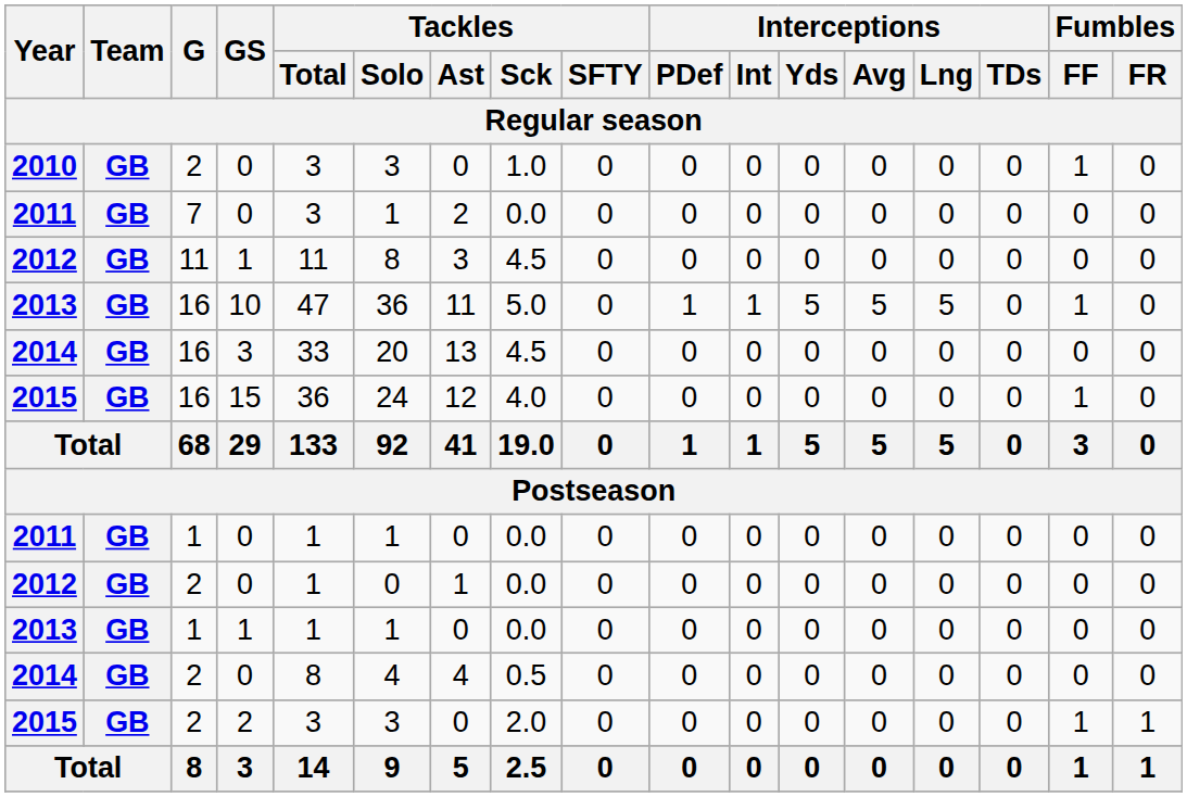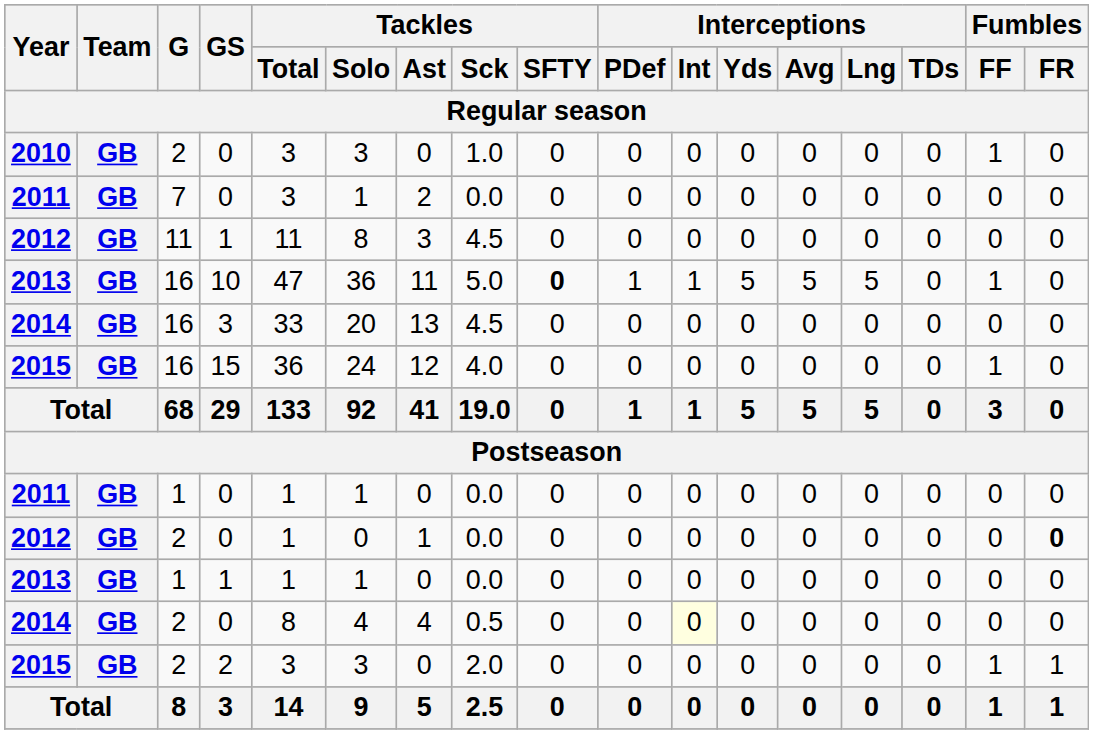 <table class="wikitable" style="text-align: center;">
 <tr>
 <th rowspan=2>Year</th>
 <th rowspan=2>Team</th>
 <th rowspan=2>G</th>
 <th rowspan=2>GS</th>
 <th colspan=5>Tackles</th>
 <th colspan=6>Interceptions</th>
 <th colspan=2>Fumbles</th>
 </tr>
 <tr>
 <th>Total</th>
 <th>Solo</th>
 <th>Ast</th>
 <th>Sck</th>
 <th>SFTY</th>
 <th>PDef</th>
 <th>Int</th>
 <th>Yds</th>
 <th>Avg</th>
 <th>Lng</th>
 <th>TDs</th>
 <th>FF</th>
 <th>FR</th>
 </tr>
 <tr>
 <th colspan=17><strong>Regular season</strong></th>
 </tr>
 <tr>
 <th><a href='#'>2010</a></th>
 <th><a href='#'>GB</a></th>
 <td>2</td>
 <td>0</td>
 <td>3</td>
 <td>3</td>
 <td>0</td>
 <td>1.0</td>
 <td>0</td>
 <td>0</td>
 <td>0</td>
 <td>0</td>
 <td>0</td>
 <td>0</td>
 <td>0</td>
 <td>1</td>
 <td>0</td>
 </tr>
 <tr>
 <th><a href='#'>2011</a></th>
 <th><a href='#'>GB</a></th>
 <td>7</td>
 <td>0</td>
 <td>3</td>
 <td>1</td>
 <td>2</td>
 <td>0.0</td>
 <td>0</td>
 <td>0</td>
 <td>0</td>
 <td>0</td>
 <td>0</td>
 <td>0</td>
 <td>0</td>
 <td>0</td>
 <td>0</td>
 </tr>
 <tr>
 <th><a href='#'>2012</a></th>
 <th><a href='#'>GB</a></th>
 <td>11</td>
 <td>1</td>
 <td>11</td>
 <td>8</td>
 <td>3</td>
 <td>4.5</td>
 <td>0</td>
 <td>0</td>
 <td>0</td>
 <td>0</td>
 <td>0</td>
 <td>0</td>
 <td>0</td>
 <td>0</td>
 <td>0</td>
 </tr>
 <tr>
 <th><a href='#'>2013</a></th>
 <th><a href='#'>GB</a></th>
 <td>16</td>
 <td>10</td>
 <td>47</td>
 <td>36</td>
 <td>11</td>
 <td>5.0</td>
-<td>0</td>
+<td><strong>0</strong></td>
 <td>1</td>
 <td>1</td>
 <td>5</td>
 <td>5</td>
 <td>5</td>
 <td>0</td>
 <td>1</td>
 <td>0</td>
 </tr>
 <tr>
 <th><a href='#'>2014</a></th>
 <th><a href='#'>GB</a></th>
 <td>16</td>
 <td>3</td>
 <td>33</td>
 <td>20</td>
 <td>13</td>
 <td>4.5</td>
 <td>0</td>
 <td>0</td>
 <td>0</td>
 <td>0</td>
 <td>0</td>
 <td>0</td>
 <td>0</td>
 <td>0</td>
 <td>0</td>
 </tr>
 <tr>
 <th><a href='#'>2015</a></th>
 <th><a href='#'>GB</a></th>
 <td>16</td>
 <td>15</td>
 <td>36</td>
 <td>24</td>
 <td>12</td>
 <td>4.0</td>
 <td>0</td>
 <td>0</td>
 <td>0</td>
 <td>0</td>
 <td>0</td>
 <td>0</td>
 <td>0</td>
 <td>1</td>
 <td>0</td>
 </tr>
 <tr>
 <th colspan=2>Total</th>
 <th>68</th>
 <th>29</th>
 <th>133</th>
 <th>92</th>
 <th>41</th>
 <th>19.0</th>
 <th>0</th>
 <th>1</th>
 <th>1</th>
 <th>5</th>
 <th>5</th>
 <th>5</th>
 <th>0</th>
 <th>3</th>
 <th>0</th>
 </tr>
 <tr>
 <th colspan=17><strong>Postseason</strong></th>
 </tr>
 <tr>
 <th><a href='#'>2011</a></th>
 <th><a href='#'>GB</a></th>
 <td>1</td>
 <td>0</td>
 <td>1</td>
 <td>1</td>
 <td>0</td>
 <td>0.0</td>
 <td>0</td>
 <td>0</td>
 <td>0</td>
 <td>0</td>
 <td>0</td>
 <td>0</td>
 <td>0</td>
 <td>0</td>
 <td>0</td>
 </tr>
 <tr>
 <th><a href='#'>2012</a></th>
 <th><a href='#'>GB</a></th>
 <td>2</td>
 <td>0</td>
 <td>1</td>
 <td>0</td>
 <td>1</td>
 <td>0.0</td>
 <td>0</td>
 <td>0</td>
 <td>0</td>
 <td>0</td>
 <td>0</td>
 <td>0</td>
 <td>0</td>
 <td>0</td>
-<td>0</td>
+<td><strong>0</strong></td>
 </tr>
 <tr>
 <th><a href='#'>2013</a></th>
 <th><a href='#'>GB</a></th>
 <td>1</td>
 <td>1</td>
 <td>1</td>
 <td>1</td>
 <td>0</td>
 <td>0.0</td>
 <td>0</td>
 <td>0</td>
 <td>0</td>
 <td>0</td>
 <td>0</td>
 <td>0</td>
 <td>0</td>
 <td>0</td>
 <td>0</td>
 </tr>
 <tr>
 <th><a href='#'>2014</a></th>
 <th><a href='#'>GB</a></th>
 <td>2</td>
 <td>0</td>
 <td>8</td>
 <td>4</td>
 <td>4</td>
 <td>0.5</td>
 <td>0</td>
 <td>0</td>
-<td>0</td>
+<td style="background: lightyellow;">0</td>
 <td>0</td>
 <td>0</td>
 <td>0</td>
 <td>0</td>
 <td>0</td>
 <td>0</td>
 </tr>
 <tr>
 <th><a href='#'>2015</a></th>
 <th><a href='#'>GB</a></th>
 <td>2</td>
 <td>2</td>
 <td>3</td>
 <td>3</td>
 <td>0</td>
 <td>2.0</td>
 <td>0</td>
 <td>0</td>
 <td>0</td>
 <td>0</td>
 <td>0</td>
 <td>0</td>
 <td>0</td>
 <td>1</td>
 <td>1</td>
 </tr>
 <tr>
 <th colspan=2>Total</th>
 <th>8</th>
 <th>3</th>
 <th>14</th>
 <th>9</th>
 <th>5</th>
 <th>2.5</th>
 <th>0</th>
 <th>0</th>
 <th>0</th>
 <th>0</th>
 <th>0</th>
 <th>0</th>
 <th>0</th>
 <th>1</th>
 <th>1</th>
 </tr>
 </table>
